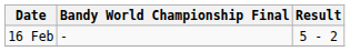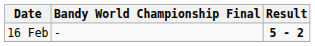 <table class="wikitable" style="text-align:center;">
 <tr>
 <th>Date</th>
 <th>Bandy World Championship Final</th>
 <th>Result</th>
 </tr>
 <tr>
 <td>16 Feb</td>
 <td align="left"><strong></strong> - </td>
-<td>5 - 2</td>
+<td><strong>5 - 2</strong></td>
 </tr>
 <tr>
 </tr>
 </table>
